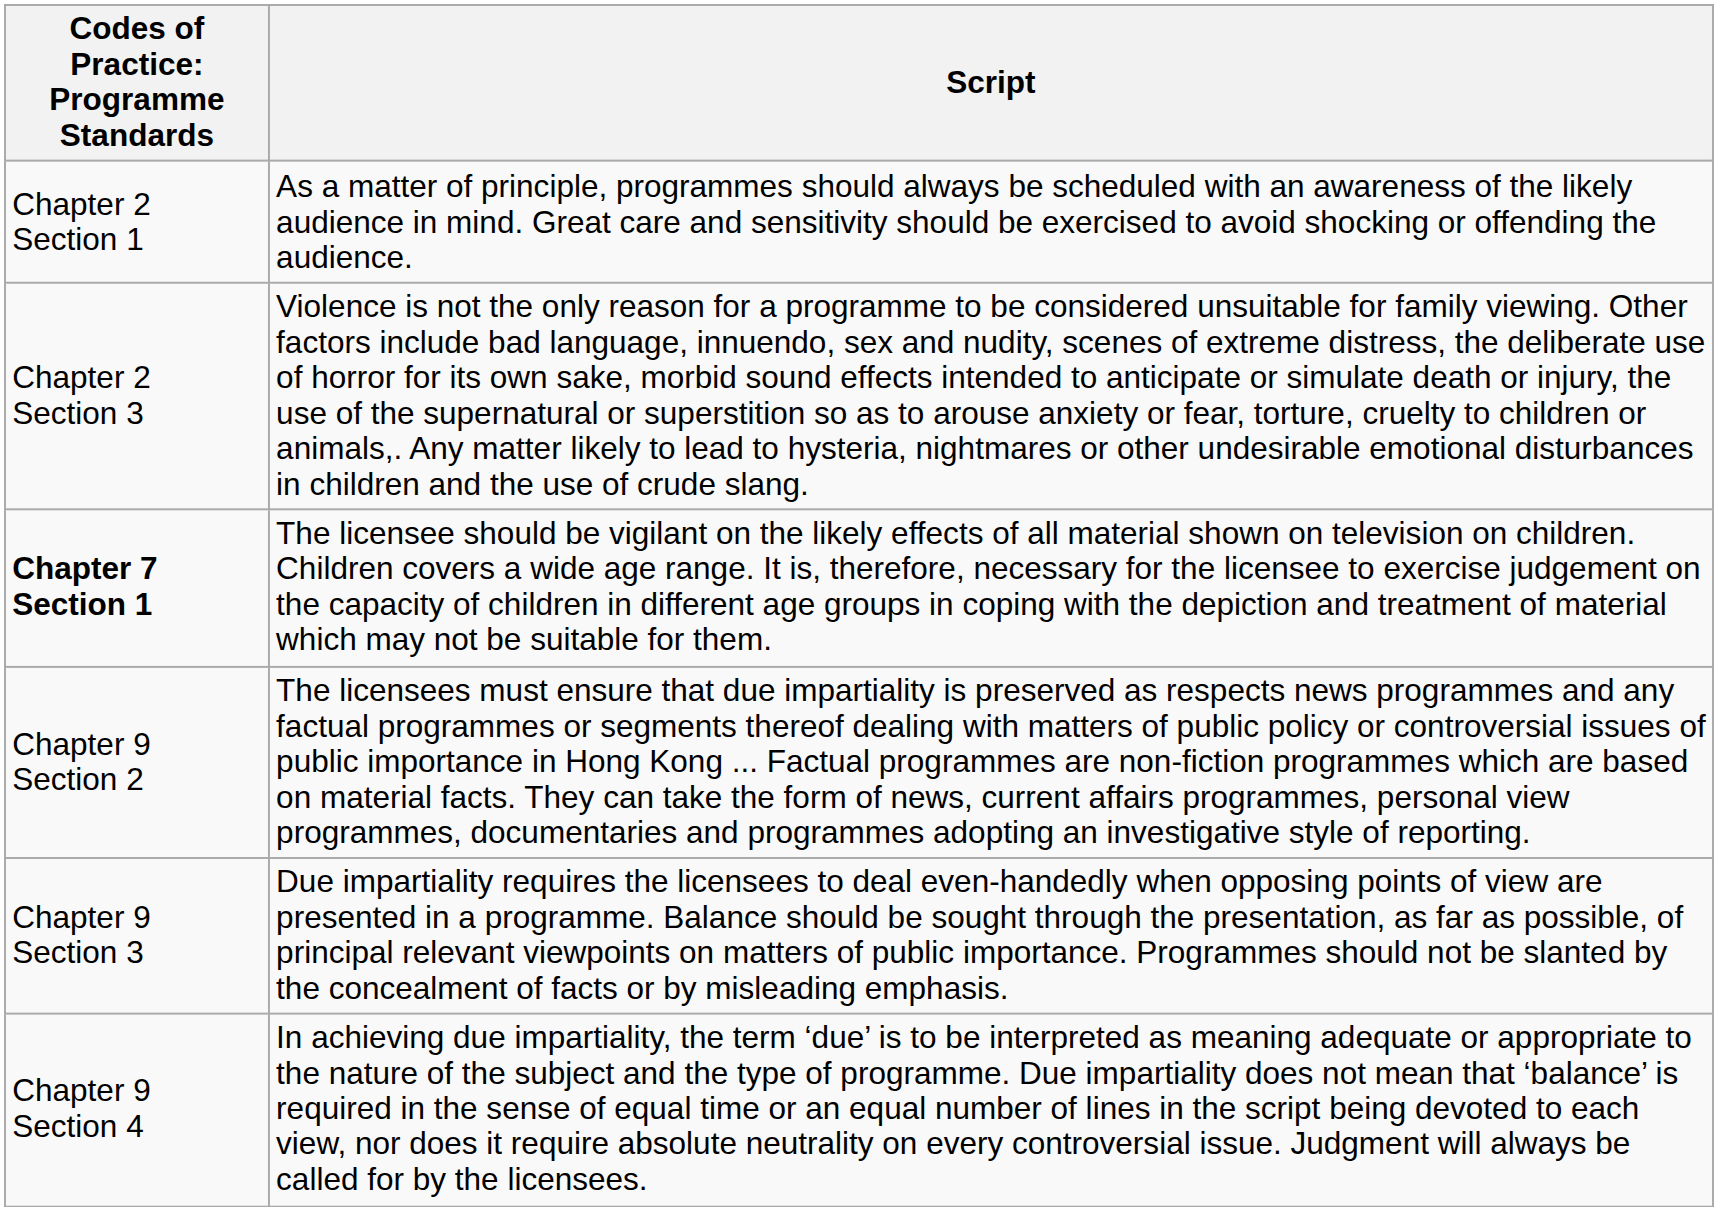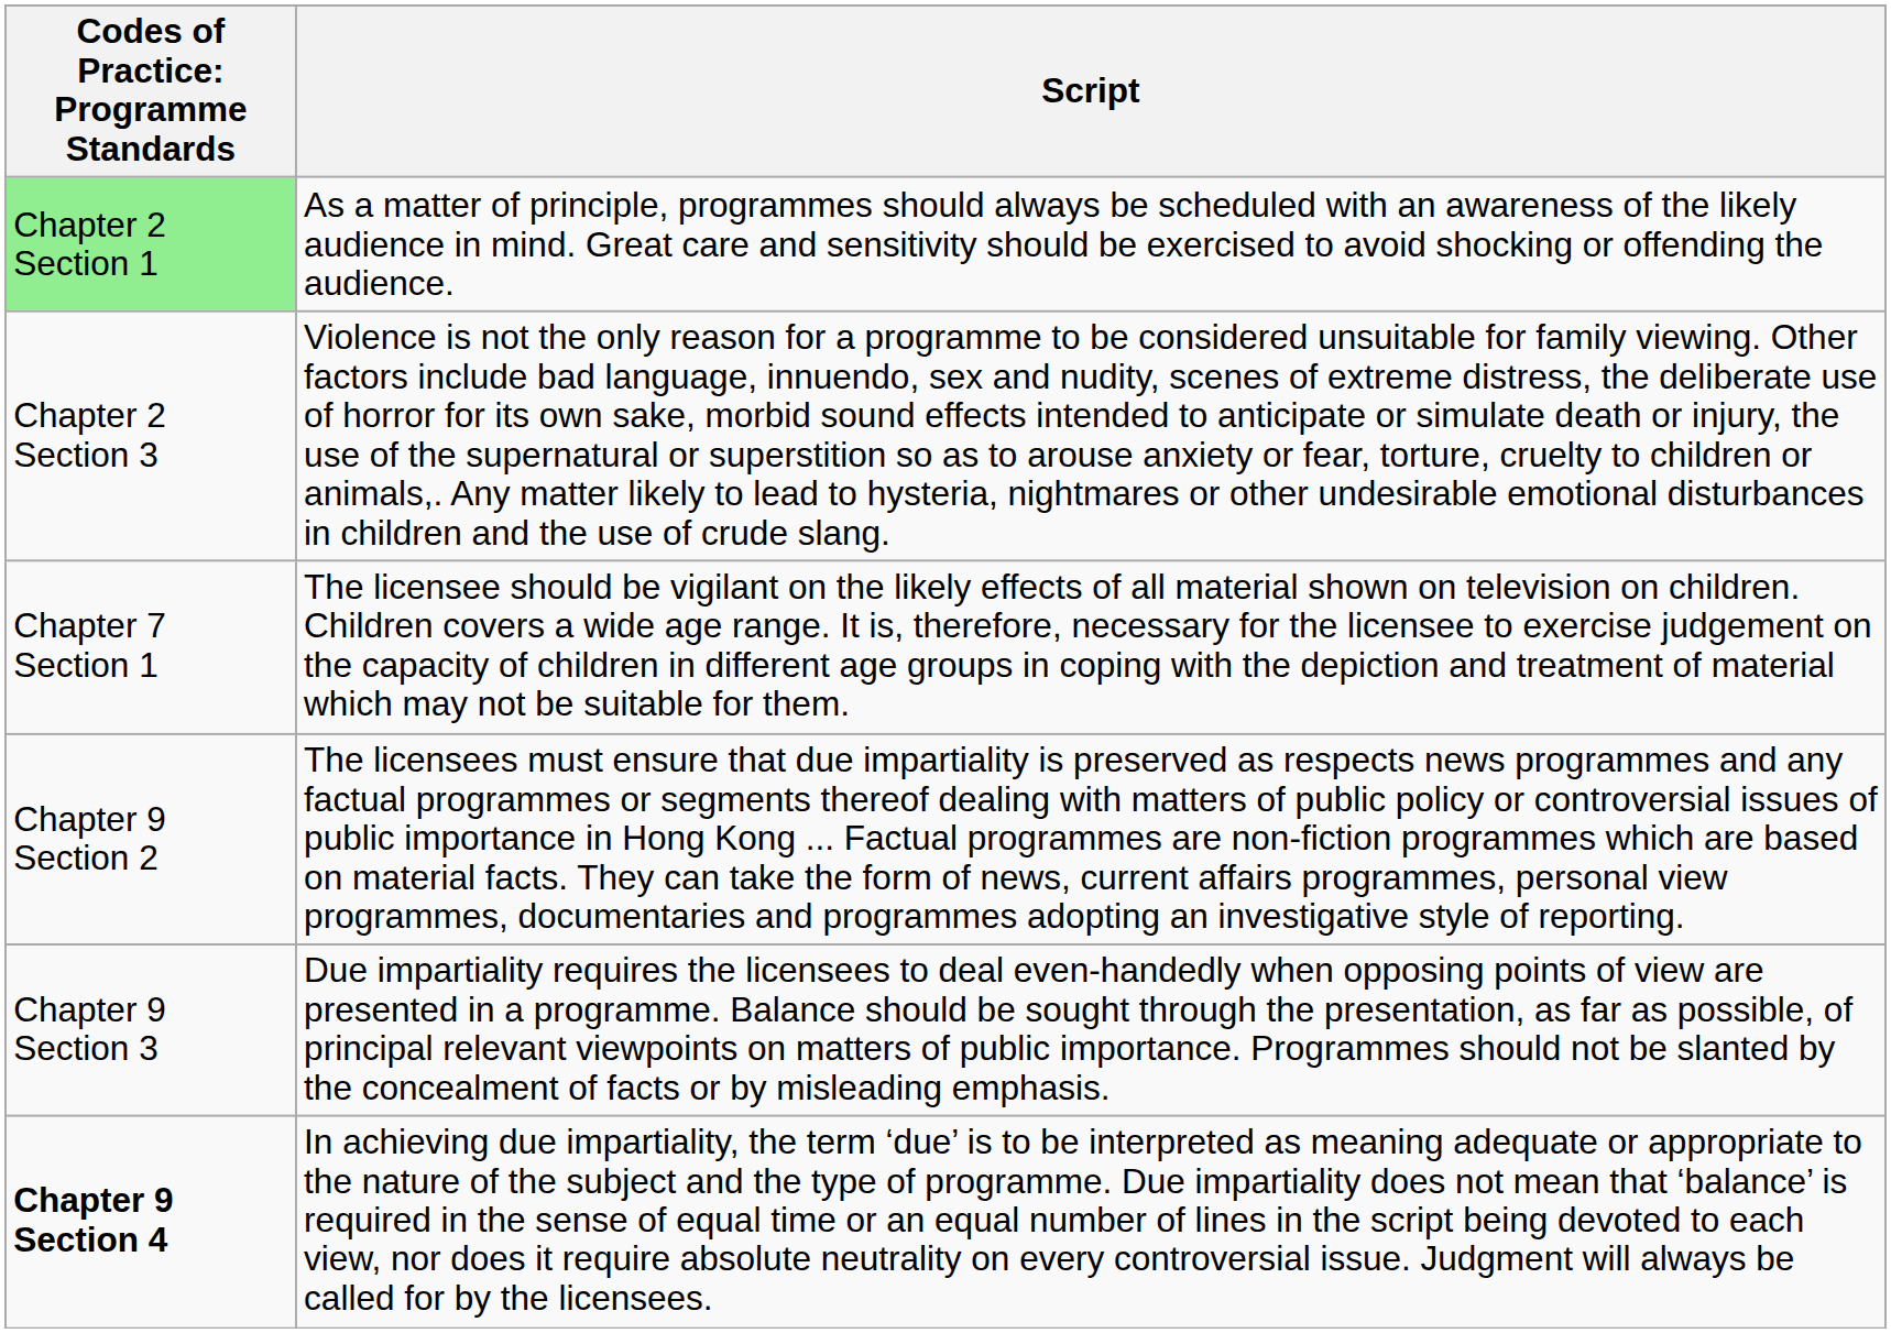 <table class="wikitable">
 <tr>
 <th>Codes of Practice: Programme Standards</th>
 <th>Script</th>
 </tr>
 <tr>
-<td>Chapter 2 Section 1</td>
+<td style="background: lightgreen;">Chapter 2 Section 1</td>
 <td>As a matter of principle, programmes should always be scheduled with an awareness of the likely audience in mind. Great care and sensitivity should be exercised to avoid shocking or offending the audience.</td>
 </tr>
 <tr>
 <td>Chapter 2 Section 3</td>
 <td>Violence is not the only reason for a programme to be considered unsuitable for family viewing. Other factors include bad language, innuendo, sex and nudity, scenes of extreme distress, the deliberate use of horror for its own sake, morbid sound effects intended to anticipate or simulate death or injury, the use of the supernatural or superstition so as to arouse anxiety or fear, torture, cruelty to children or animals,. Any matter likely to lead to hysteria, nightmares or other undesirable emotional disturbances in children and the use of crude slang.</td>
 </tr>
 <tr>
-<td><strong>Chapter 7 Section 1</strong></td>
+<td>Chapter 7 Section 1</td>
 <td>The licensee should be vigilant on the likely effects of all material shown on television on children. Children covers a wide age range. It is, therefore, necessary for the licensee to exercise judgement on the capacity of children in different age groups in coping with the depiction and treatment of material which may not be suitable for them.</td>
 </tr>
 <tr>
 <td>Chapter 9 Section 2</td>
 <td>The licensees must ensure that due impartiality is preserved as respects news programmes and any factual programmes or segments thereof dealing with matters of public policy or controversial issues of public importance in Hong Kong ... Factual programmes are non-fiction programmes which are based on material facts. They can take the form of news, current affairs programmes, personal view programmes, documentaries and programmes adopting an investigative style of reporting.</td>
 </tr>
 <tr>
 <td>Chapter 9 Section 3</td>
 <td>Due impartiality requires the licensees to deal even-handedly when opposing points of view are presented in a programme.  Balance should be sought through the presentation, as far as possible, of principal relevant viewpoints on matters of public importance.  Programmes should not be slanted by the concealment of facts or by misleading emphasis.</td>
 </tr>
 <tr>
-<td>Chapter 9 Section 4</td>
+<td><strong>Chapter 9 Section 4</strong></td>
 <td>In achieving due impartiality, the term ‘due’ is to be interpreted as meaning adequate or appropriate to the nature of the subject and the type of programme.  Due impartiality does not mean that ‘balance’ is required in the sense of equal time or an equal number of lines in the script being devoted to each view, nor does it require absolute neutrality on every controversial issue. Judgment will always be called for by the licensees.</td>
 </tr>
 </table>
